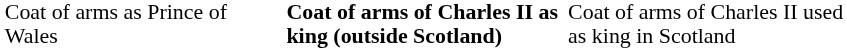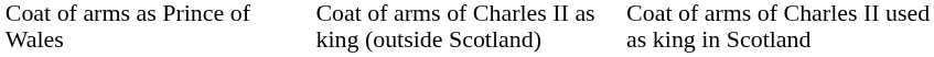 <table border="0" align="center" width="70%">
 <tr>
 <th width=33%></th>
 <th width=33%></th>
 <th width=33%></th>
 </tr>
 <tr>
 <td><div>Coat of arms as Prince of Wales</div></td>
-<td><strong><div>Coat of arms of Charles II as king (outside Scotland)</div></strong></td>
+<td><div>Coat of arms of Charles II as king (outside Scotland)</div></td>
 <td><div>Coat of arms of Charles II used as king in Scotland</div></td>
 </tr>
 </table>
